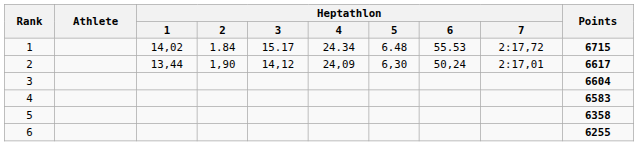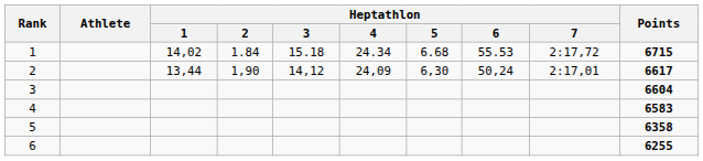 <table class="wikitable" style=" text-align:center; font-size:110%;" width="95%">
 <tr>
 <th rowspan="2">Rank</th>
 <th rowspan="2">Athlete</th>
 <th colspan="7">Heptathlon</th>
 <th rowspan="2">Points</th>
 </tr>
 <tr>
 <th>1</th>
 <th>2</th>
 <th>3</th>
 <th>4</th>
 <th>5</th>
 <th>6</th>
 <th>7</th>
 </tr>
 <tr>
 <td>1</td>
 <td align=left></td>
 <td>14,02</td>
 <td>1.84</td>
-<td>15.17</td>
+<td>15.18</td>
 <td>24.34</td>
-<td>6.48</td>
+<td>6.68</td>
 <td>55.53</td>
 <td>2:17,72</td>
 <td><strong>6715</strong></td>
 </tr>
 <tr>
 <td>2</td>
 <td align=left></td>
 <td>13,44</td>
 <td>1,90</td>
 <td>14,12</td>
 <td>24,09</td>
 <td>6,30</td>
 <td>50,24</td>
 <td>2:17,01</td>
 <td><strong>6617</strong></td>
 </tr>
 <tr>
 <td>3</td>
 <td align=left></td>
 <td></td>
 <td></td>
 <td></td>
 <td></td>
 <td></td>
 <td></td>
 <td></td>
 <td><strong>6604</strong></td>
 </tr>
 <tr>
 <td>4</td>
 <td align=left></td>
 <td></td>
 <td></td>
 <td></td>
 <td></td>
 <td></td>
 <td></td>
 <td></td>
 <td><strong>6583</strong></td>
 </tr>
 <tr>
 <td>5</td>
 <td align=left></td>
 <td></td>
 <td></td>
 <td></td>
 <td></td>
 <td></td>
 <td></td>
 <td></td>
 <td><strong>6358</strong></td>
 </tr>
 <tr>
 <td>6</td>
 <td align=left></td>
 <td></td>
 <td></td>
 <td></td>
 <td></td>
 <td></td>
 <td></td>
 <td></td>
 <td><strong>6255</strong></td>
 </tr>
 </table>
